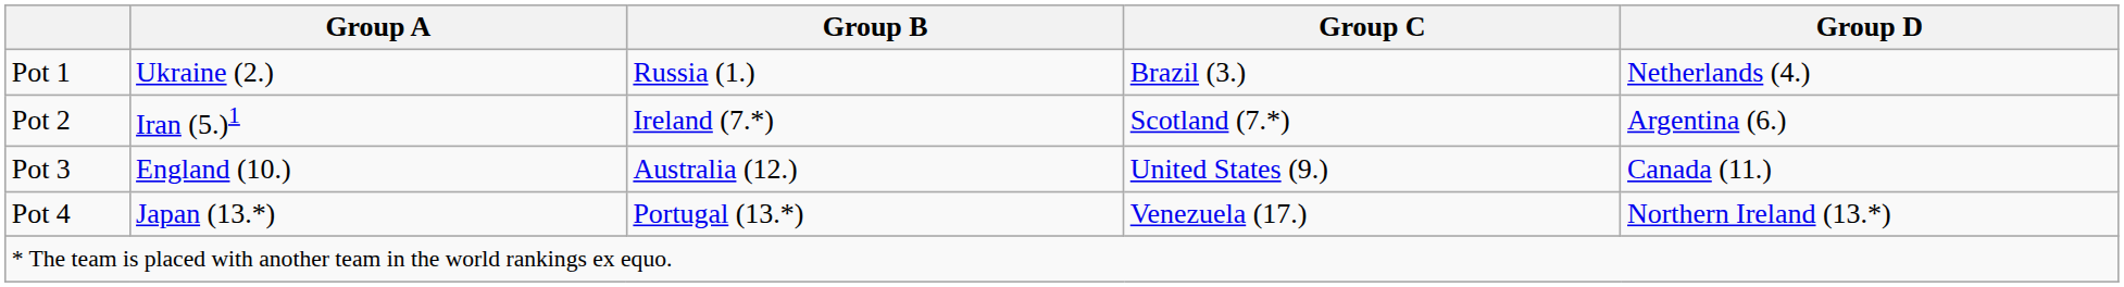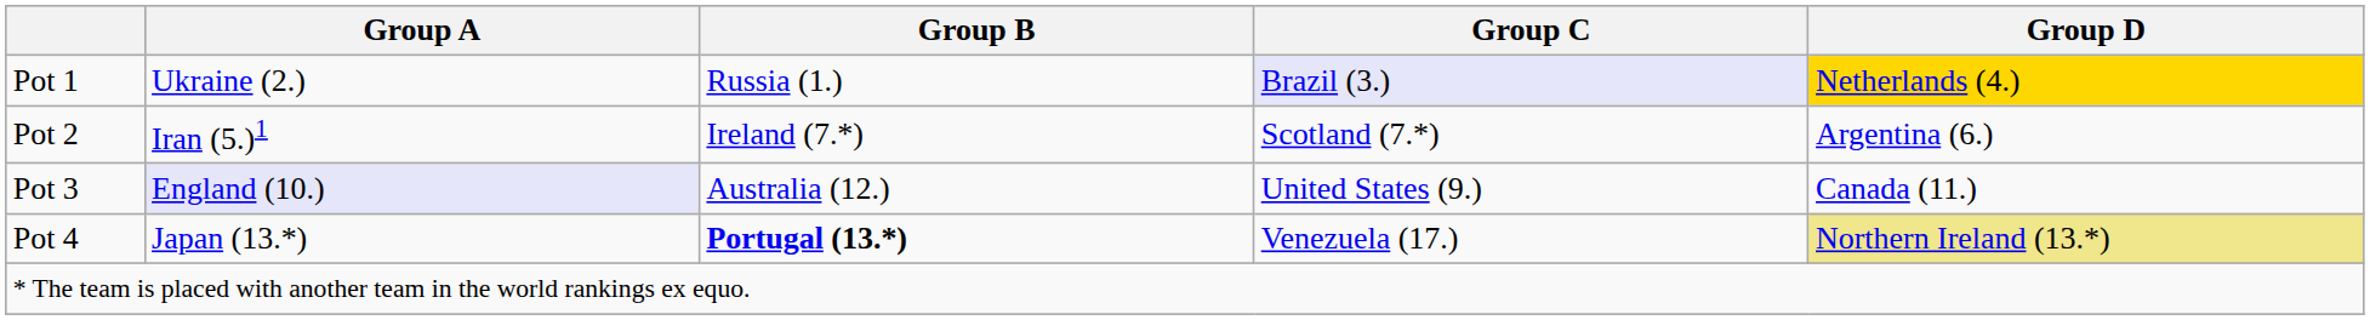 <table class="wikitable" style="width:95%">
 <tr>
 <th width=5%></th>
 <th width=20%><strong>Group A</strong></th>
 <th width=20%><strong>Group B</strong></th>
 <th width=20%><strong>Group C</strong></th>
 <th width=20%><strong>Group D</strong></th>
 </tr>
 <tr>
 <td>Pot 1</td>
 <td> <a href='#'>Ukraine</a> (2.)</td>
 <td> <a href='#'>Russia</a> (1.)</td>
-<td> <a href='#'>Brazil</a> (3.)</td>
-<td> <a href='#'>Netherlands</a> (4.)</td>
+<td style="background: lavender;"> <a href='#'>Brazil</a> (3.)</td>
+<td style="background: gold;"> <a href='#'>Netherlands</a> (4.)</td>
 </tr>
 <tr>
 <td>Pot 2</td>
 <td> <a href='#'>Iran</a> (5.)<sup><a href='#'>1</a></sup></td>
 <td> <a href='#'>Ireland</a> (7.*)</td>
 <td> <a href='#'>Scotland</a> (7.*)</td>
 <td> <a href='#'>Argentina</a> (6.)</td>
 </tr>
 <tr>
 <td>Pot 3</td>
-<td> <a href='#'>England</a> (10.)</td>
+<td style="background: lavender;"> <a href='#'>England</a> (10.)</td>
 <td> <a href='#'>Australia</a> (12.)</td>
 <td> <a href='#'>United States</a> (9.)</td>
 <td> <a href='#'>Canada</a> (11.)</td>
 </tr>
 <tr>
 <td>Pot 4</td>
 <td> <a href='#'>Japan</a> (13.*)</td>
-<td> <a href='#'>Portugal</a> (13.*)</td>
+<td><strong> <a href='#'>Portugal</a> (13.*)</strong></td>
 <td> <a href='#'>Venezuela</a> (17.)</td>
-<td> <a href='#'>Northern Ireland</a> (13.*)</td>
+<td style="background: khaki;"> <a href='#'>Northern Ireland</a> (13.*)</td>
 </tr>
 <tr>
 <td colspan="5"><small>* The team is placed with another team in the world rankings ex equo.</small></td>
 </tr>
 </table>
